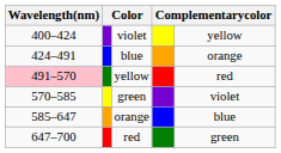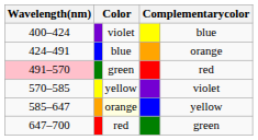 <table class="wikitable" style="text-align:center">
 <tr>
 <th>Wavelength(nm)</th>
 <th colspan=2>Color</th>
 <th colspan=2>Complementarycolor</th>
 </tr>
 <tr>
 <td>400–424</td>
 <td style="background:#7400D2"> </td>
 <td>violet</td>
 <td style="background:#FFFF00"> </td>
-<td>yellow</td>
+<td>blue</td>
 </tr>
 <tr>
 <td>424–491</td>
 <td style="background:#0000FF"> </td>
 <td>blue</td>
 <td style="background:#FFA500"> </td>
 <td>orange</td>
 </tr>
 <tr>
 <td style="background: pink;">491–570</td>
 <td style="background:#008000"> </td>
-<td>yellow</td>
+<td>green</td>
 <td style="background:#FF0000"> </td>
 <td>red</td>
 </tr>
 <tr>
 <td>570–585</td>
 <td style="background:#FFFF00"> </td>
-<td>green</td>
+<td>yellow</td>
 <td style="background:#7400D2"> </td>
 <td>violet</td>
 </tr>
 <tr>
 <td>585–647</td>
 <td style="background:#FFA500"> </td>
-<td>orange</td>
+<td style="background: lightyellow;">orange</td>
 <td style="background:#0000FF"> </td>
-<td>blue</td>
+<td>yellow</td>
 </tr>
 <tr>
 <td>647–700</td>
 <td style="background:#FF0000"> </td>
 <td>red</td>
 <td style="background:#008000"> </td>
 <td>green</td>
 </tr>
 </table>
